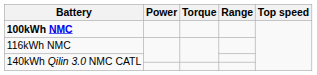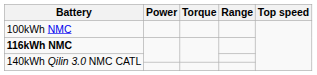 <table class="wikitable">
 <tr>
 <th>Battery</th>
 <th>Power</th>
 <th>Torque</th>
 <th>Range</th>
 <th>Top speed</th>
 </tr>
 <tr>
-<td><strong>100kWh <a href='#'>NMC</a></strong></td>
+<td>100kWh <a href='#'>NMC</a></td>
 <td></td>
 <td></td>
 <td></td>
 <td rowspan="4"></td>
 </tr>
 <tr>
-<td>116kWh NMC</td>
+<td><strong>116kWh NMC</strong></td>
 <td rowspan="2"></td>
 <td rowspan="2"></td>
 <td></td>
 </tr>
 <tr>
 <td rowspan="2">140kWh <em>Qilin 3.0</em> NMC CATL</td>
 <td></td>
 </tr>
 <tr>
 <td></td>
 <td></td>
 <td></td>
 </tr>
 </table>
